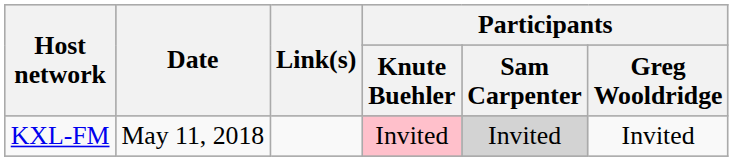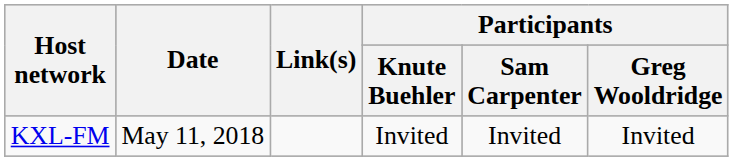 <table class="wikitable">
 <tr>
 <th rowspan="2">Host<br>network</th>
 <th rowspan="2">Date</th>
 <th rowspan="2">Link(s)</th>
 <th colspan="3">Participants</th>
 </tr>
 <tr>
 <th>Knute<br>Buehler</th>
 <th>Sam<br>Carpenter</th>
 <th>Greg<br>Wooldridge</th>
 </tr>
 <tr>
 <td align=center><a href='#'>KXL-FM</a></td>
 <td align=center>May 11, 2018</td>
 <td align=center></td>
-<td align=center style="background: pink;">Invited</td>
-<td align=center style="background: lightgrey;">Invited</td>
+<td align=center>Invited</td>
+<td align=center>Invited</td>
 <td align=center>Invited</td>
 </tr>
 </table>
